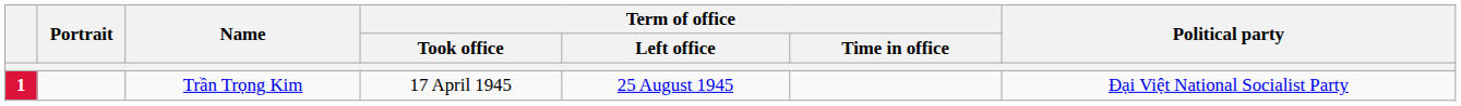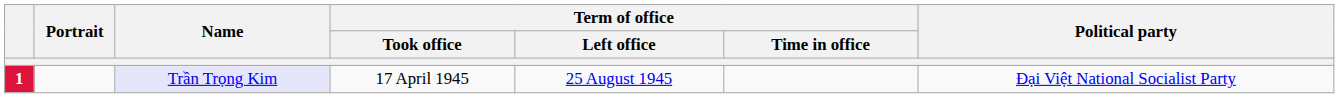 <table class="wikitable" style="text-align:center; border:1px #aaf solid; width:80%;">
 <tr>
 <th rowspan="2"></th>
 <th rowspan="2" style="width:70px;">Portrait</th>
 <th rowspan="2">Name<br></th>
 <th colspan="3">Term of office</th>
 <th rowspan="2">Political party</th>
 </tr>
 <tr>
 <th>Took office</th>
 <th>Left office</th>
 <th>Time in office</th>
 </tr>
 <tr>
 <th colspan=7></th>
 </tr>
 <tr>
 <th style="background:Crimson; color:white">1</th>
 <td></td>
-<td><a href='#'>Trần Trọng Kim</a><br></td>
+<td style="background: lavender;"><a href='#'>Trần Trọng Kim</a><br></td>
 <td>17 April 1945</td>
 <td><a href='#'>25 August 1945</a></td>
 <td></td>
 <td><a href='#'>Đại Việt National Socialist Party</a></td>
 </tr>
 </table>
